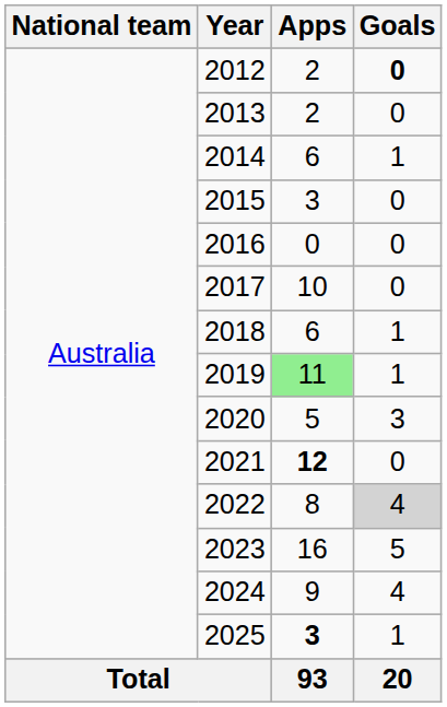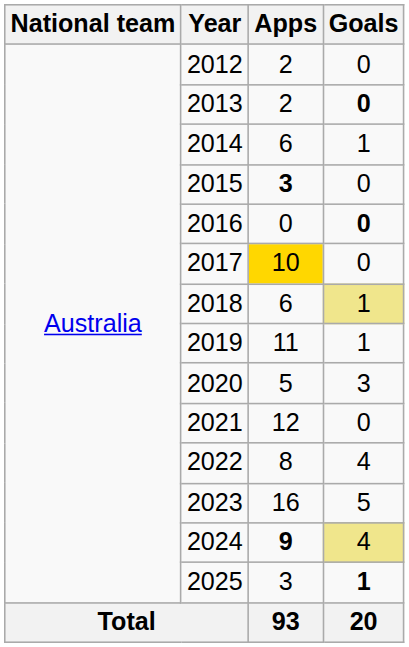 <table class="wikitable" style="text-align:center">
 <tr>
 <th>National team</th>
 <th>Year</th>
 <th>Apps</th>
 <th>Goals</th>
 </tr>
 <tr>
 <td rowspan="14"><a href='#'>Australia</a></td>
 <td>2012</td>
 <td>2</td>
-<td><strong>0</strong></td>
+<td>0</td>
 </tr>
 <tr>
 <td>2013</td>
 <td>2</td>
-<td>0</td>
+<td><strong>0</strong></td>
 </tr>
 <tr>
 <td>2014</td>
 <td>6</td>
 <td>1</td>
 </tr>
 <tr>
 <td>2015</td>
-<td>3</td>
+<td><strong>3</strong></td>
 <td>0</td>
 </tr>
 <tr>
 <td>2016</td>
 <td>0</td>
-<td>0</td>
+<td><strong>0</strong></td>
 </tr>
 <tr>
 <td>2017</td>
-<td>10</td>
+<td style="background: gold;">10</td>
 <td>0</td>
 </tr>
 <tr>
 <td>2018</td>
 <td>6</td>
-<td>1</td>
+<td style="background: khaki;">1</td>
 </tr>
 <tr>
 <td>2019</td>
-<td style="background: lightgreen;">11</td>
+<td>11</td>
 <td>1</td>
 </tr>
 <tr>
 <td>2020</td>
 <td>5</td>
 <td>3</td>
 </tr>
 <tr>
 <td>2021</td>
-<td><strong>12</strong></td>
+<td>12</td>
 <td>0</td>
 </tr>
 <tr>
 <td>2022</td>
 <td>8</td>
-<td style="background: lightgrey;">4</td>
+<td>4</td>
 </tr>
 <tr>
 <td>2023</td>
 <td>16</td>
 <td>5</td>
 </tr>
 <tr>
 <td>2024</td>
-<td>9</td>
-<td>4</td>
+<td><strong>9</strong></td>
+<td style="background: khaki;">4</td>
 </tr>
 <tr>
 <td>2025</td>
-<td><strong>3</strong></td>
-<td>1</td>
+<td>3</td>
+<td><strong>1</strong></td>
 </tr>
 <tr>
 <th colspan="2">Total</th>
 <th>93</th>
 <th>20</th>
 </tr>
 </table>
